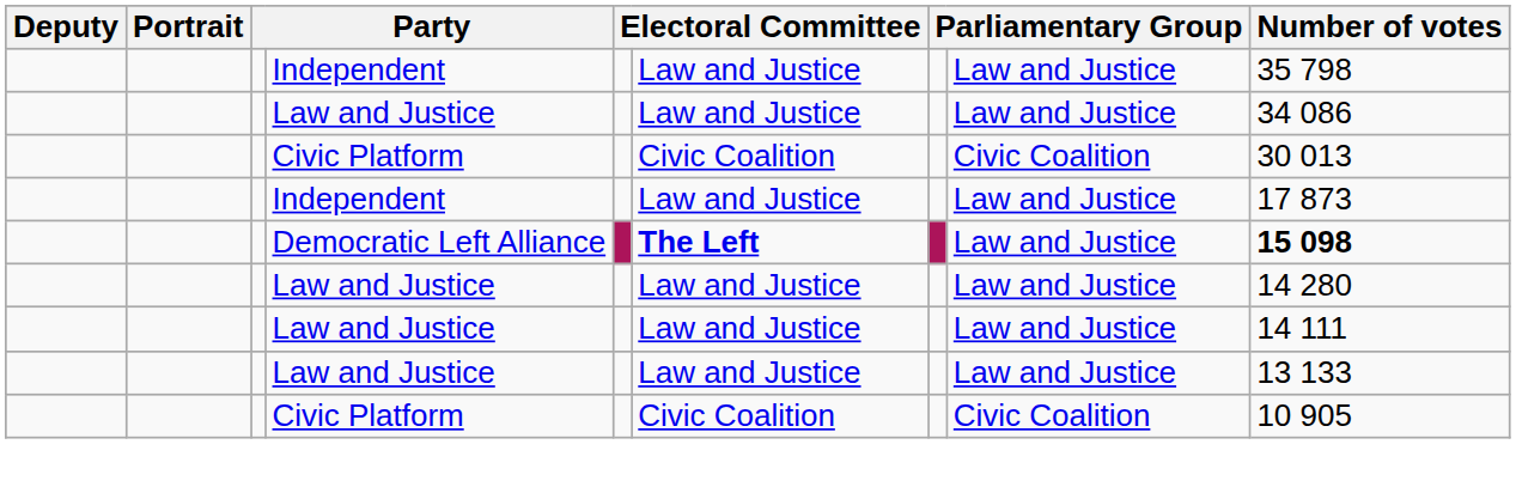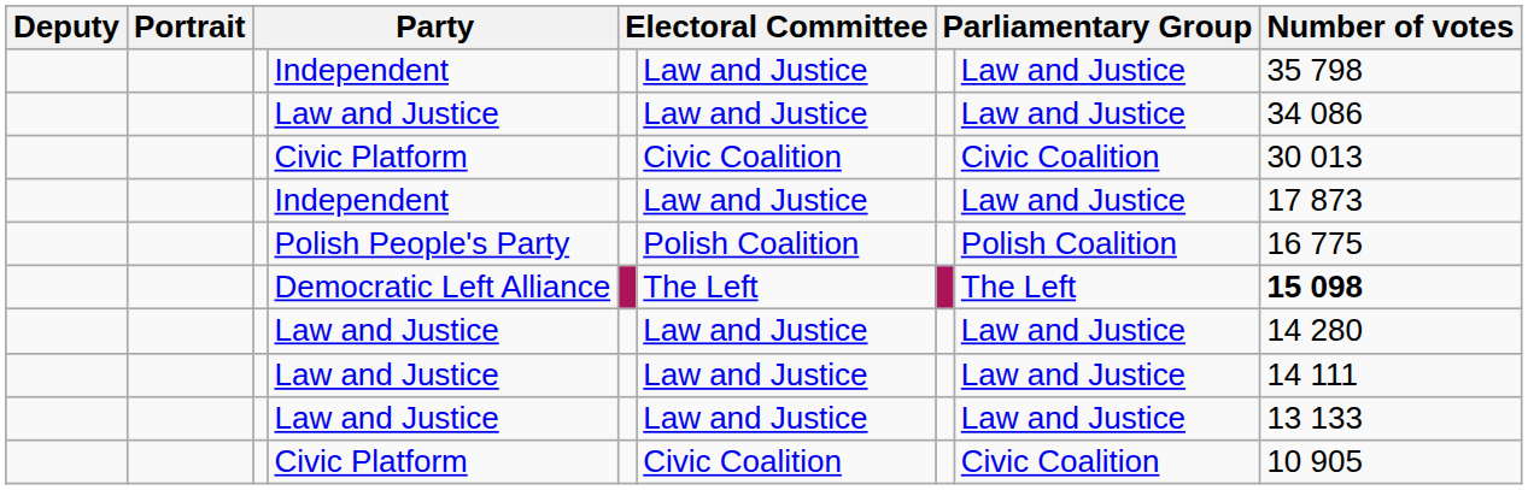 <table class="wikitable sortable" style="font-size:95%;line-height:14px;">
 <tr>
 <th>Deputy</th>
 <th>Portrait</th>
 <th colspan="2">Party</th>
 <th colspan="2">Electoral Committee</th>
 <th colspan="2">Parliamentary Group</th>
 <th>Number of votes</th>
 </tr>
 <tr>
 <td></td>
 <td></td>
 <td style="background:"></td>
 <td><a href='#'>Independent</a></td>
 <td style="background:"></td>
 <td><a href='#'>Law and Justice</a></td>
 <td style="background:"></td>
 <td><a href='#'>Law and Justice</a></td>
 <td>35 798</td>
 </tr>
 <tr>
 <td></td>
 <td></td>
 <td style="background:"></td>
 <td><a href='#'>Law and Justice</a></td>
 <td style="background:"></td>
 <td><a href='#'>Law and Justice</a></td>
 <td style="background:"></td>
 <td><a href='#'>Law and Justice</a></td>
 <td>34 086</td>
 </tr>
 <tr>
 <td></td>
 <td></td>
 <td style="background:"></td>
 <td><a href='#'>Civic Platform</a></td>
 <td style="background:"></td>
 <td><a href='#'>Civic Coalition</a></td>
 <td style="background:"></td>
 <td><a href='#'>Civic Coalition</a></td>
 <td>30 013</td>
 </tr>
 <tr>
 <td></td>
 <td></td>
 <td style="background:"></td>
 <td><a href='#'>Independent</a></td>
 <td style="background:"></td>
 <td><a href='#'>Law and Justice</a></td>
 <td style="background:"></td>
 <td><a href='#'>Law and Justice</a></td>
 <td>17 873</td>
 </tr>
 <tr>
 <td></td>
 <td></td>
 <td style="background:"></td>
+<td><a href='#'>Polish People's Party</a></td>
+<td style="background:"></td>
+<td><a href='#'>Polish Coalition</a></td>
+<td style="background:"></td>
+<td><a href='#'>Polish Coalition</a></td>
+<td>16 775</td>
+</tr>
+<tr>
+<td></td>
+<td></td>
+<td style="background:"></td>
 <td><a href='#'>Democratic Left Alliance</a></td>
 <td style="background:#AC145A;"></td>
-<td><strong><a href='#'>The Left</a></strong></td>
+<td><a href='#'>The Left</a></td>
 <td style="background:#AC145A;"></td>
-<td><a href='#'>Law and Justice</a></td>
+<td><a href='#'>The Left</a></td>
 <td><strong>15 098</strong></td>
 </tr>
 <tr>
 <td></td>
 <td></td>
 <td style="background:"></td>
 <td><a href='#'>Law and Justice</a></td>
 <td style="background:"></td>
 <td><a href='#'>Law and Justice</a></td>
 <td style="background:"></td>
 <td><a href='#'>Law and Justice</a></td>
 <td>14 280</td>
 </tr>
 <tr>
 <td></td>
 <td></td>
 <td style="background:"></td>
 <td><a href='#'>Law and Justice</a></td>
 <td style="background:"></td>
 <td><a href='#'>Law and Justice</a></td>
 <td style="background:"></td>
 <td><a href='#'>Law and Justice</a></td>
 <td>14 111</td>
 </tr>
 <tr>
 <td></td>
 <td></td>
 <td style="background:"></td>
 <td><a href='#'>Law and Justice</a></td>
 <td style="background:"></td>
 <td><a href='#'>Law and Justice</a></td>
 <td style="background:"></td>
 <td><a href='#'>Law and Justice</a></td>
 <td>13 133</td>
 </tr>
 <tr>
 <td></td>
 <td></td>
 <td style="background:"></td>
 <td><a href='#'>Civic Platform</a></td>
 <td style="background:"></td>
 <td><a href='#'>Civic Coalition</a></td>
 <td style="background:"></td>
 <td><a href='#'>Civic Coalition</a></td>
 <td>10 905</td>
 </tr>
 </table>
